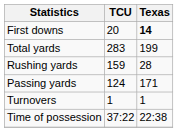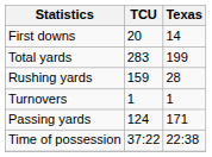 <table class="wikitable" style="float: left;">
 <tr>
 <th>Statistics</th>
 <th>TCU</th>
 <th>Texas</th>
 </tr>
 <tr>
 <td>First downs</td>
 <td>20</td>
-<td><strong>14</strong></td>
+<td>14</td>
 </tr>
 <tr>
 <td>Total yards</td>
 <td>283</td>
 <td>199</td>
 </tr>
 <tr>
 <td>Rushing yards</td>
 <td>159</td>
 <td>28</td>
 </tr>
 <tr>
+<td>Turnovers</td>
+<td>1</td>
+<td>1</td>
+</tr>
+<tr>
 <td>Passing yards</td>
 <td>124</td>
 <td>171</td>
-</tr>
-<tr>
-<td>Turnovers</td>
-<td>1</td>
-<td>1</td>
 </tr>
 <tr>
 <td>Time of possession</td>
 <td>37:22</td>
 <td>22:38</td>
 </tr>
 <tr>
 </tr>
 </table>
